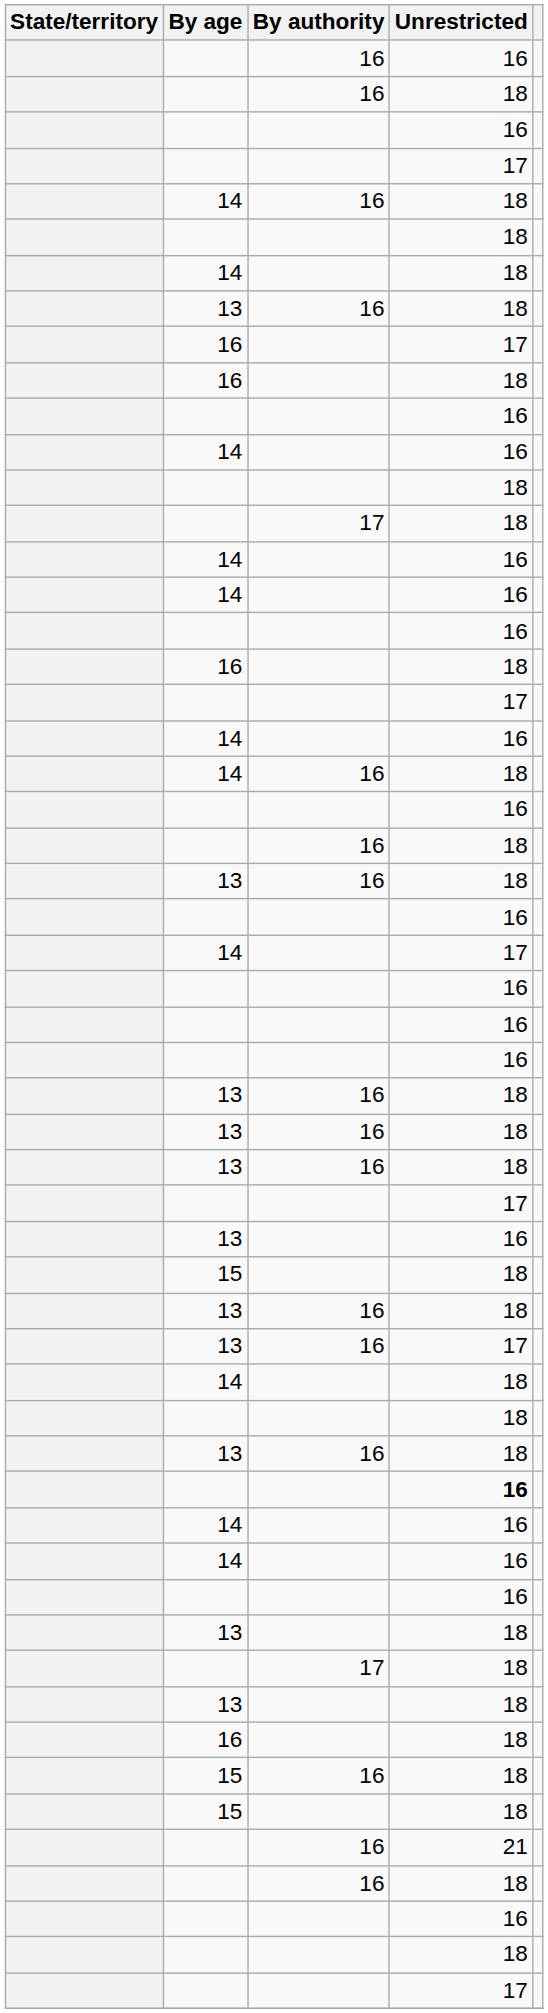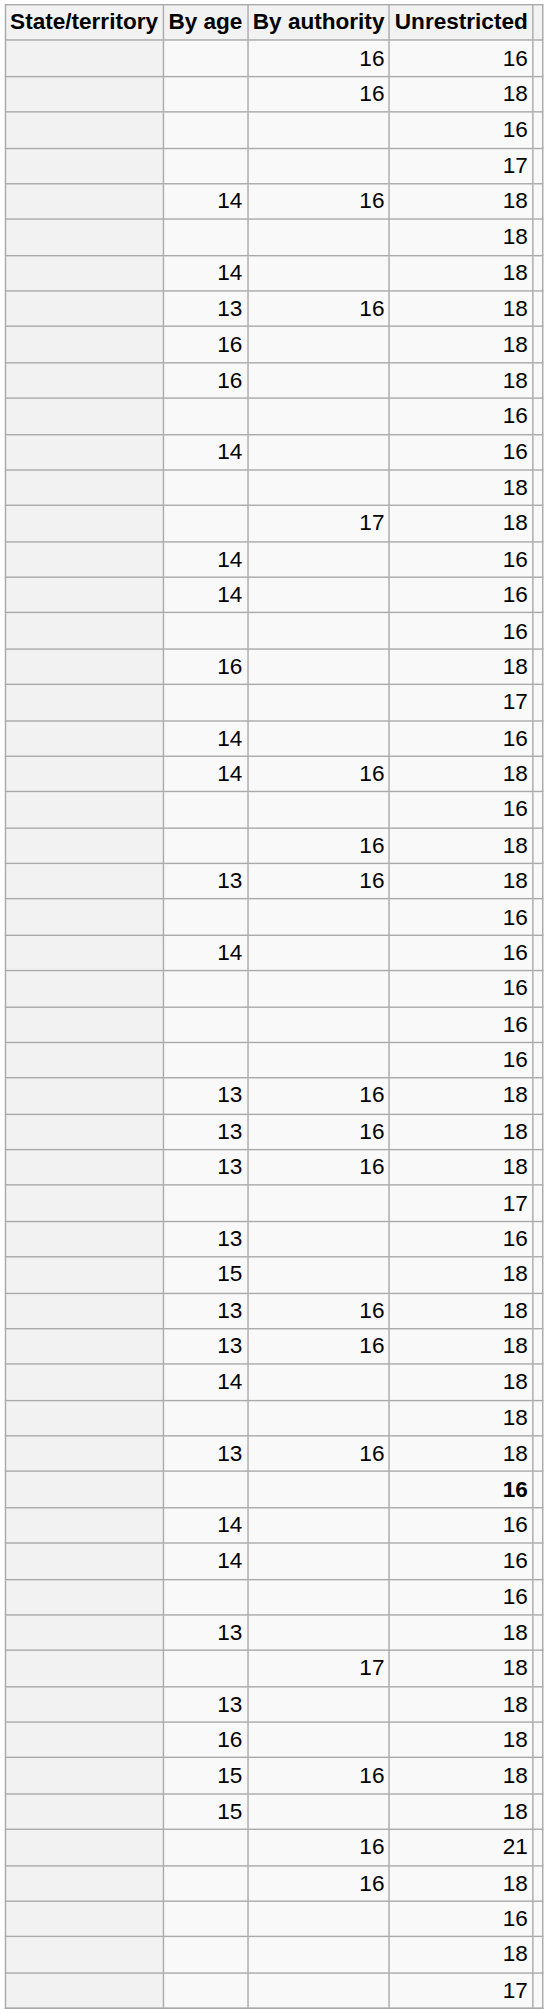 <table class="wikitable sortable plainrowheaders mw-datatable nowrap" style="margin-left: auto; margin-right: auto; text-align: right">
 <tr>
 <th scope="col">State/territory</th>
 <th scope="col" data-sort-type="number">By age</th>
 <th scope="col" data-sort-type="number">By authority</th>
 <th scope="col" data-sort-type="number">Unrestricted</th>
 <th scope="col"></th>
 </tr>
 <tr>
 <th scope="row"></th>
 <td></td>
 <td>16</td>
 <td>16</td>
 <td style="text-align: left;"></td>
 </tr>
 <tr>
 <th scope="row"></th>
 <td></td>
 <td>16</td>
 <td>18</td>
 <td style="text-align: left;"></td>
 </tr>
 <tr>
 <th scope="row"></th>
 <td></td>
 <td></td>
 <td>16</td>
 <td style="text-align: left;"></td>
 </tr>
 <tr>
 <th scope="row"></th>
 <td></td>
 <td></td>
 <td>17</td>
 <td style="text-align: left;"></td>
 </tr>
 <tr>
 <th scope="row"></th>
 <td>14</td>
 <td>16</td>
 <td>18</td>
 <td style="text-align: left;"></td>
 </tr>
 <tr>
 <th scope="row"></th>
 <td></td>
 <td></td>
 <td>18</td>
 <td style="text-align: left;"></td>
 </tr>
 <tr>
 <th scope="row"></th>
 <td>14</td>
 <td></td>
 <td>18</td>
 <td></td>
 </tr>
 <tr>
 <th scope="row"></th>
 <td>13</td>
 <td>16</td>
 <td>18</td>
 <td style="text-align: left;"></td>
 </tr>
 <tr>
 <th scope="row"></th>
 <td>16</td>
 <td></td>
-<td>17</td>
+<td>18</td>
 <td style="text-align: left;"></td>
 </tr>
 <tr>
 <th scope="row"></th>
 <td>16</td>
 <td></td>
 <td>18</td>
 <td style="text-align: left;"></td>
 </tr>
 <tr>
 <th scope="row"></th>
 <td></td>
 <td></td>
 <td>16</td>
 <td style="text-align: left;"></td>
 </tr>
 <tr>
 <th scope="row"></th>
 <td>14</td>
 <td></td>
 <td>16</td>
 <td style="text-align: left;"></td>
 </tr>
 <tr>
 <th scope="row"></th>
 <td></td>
 <td></td>
 <td>18</td>
 <td style="text-align: left;"></td>
 </tr>
 <tr>
 <th scope="row"></th>
 <td></td>
 <td>17</td>
 <td>18</td>
 <td style="text-align: left;"></td>
 </tr>
 <tr>
 <th scope="row"></th>
 <td>14</td>
 <td></td>
 <td>16</td>
 <td style="text-align: left;"></td>
 </tr>
 <tr>
 <th scope="row"></th>
 <td>14</td>
 <td></td>
 <td>16</td>
 <td></td>
 </tr>
 <tr>
 <th scope="row"></th>
 <td></td>
 <td></td>
 <td>16</td>
 <td style="text-align: left;"></td>
 </tr>
 <tr>
 <th scope="row"></th>
 <td>16</td>
 <td></td>
 <td>18</td>
 <td style="text-align: left;"></td>
 </tr>
 <tr>
 <th scope="row"></th>
 <td></td>
 <td></td>
 <td>17</td>
 <td style="text-align: left;"></td>
 </tr>
 <tr>
 <th scope="row"></th>
 <td>14</td>
 <td></td>
 <td>16</td>
 <td></td>
 </tr>
 <tr>
 <th scope="row"></th>
 <td>14</td>
 <td>16</td>
 <td>18</td>
 <td style="text-align: left;"></td>
 </tr>
 <tr>
 <th scope="row"></th>
 <td></td>
 <td></td>
 <td>16</td>
 <td style="text-align: left;"></td>
 </tr>
 <tr>
 <th scope="row"></th>
 <td></td>
 <td>16</td>
 <td>18</td>
 <td style="text-align: left;"></td>
 </tr>
 <tr>
 <th scope="row"></th>
 <td>13</td>
 <td>16</td>
 <td>18</td>
 <td style="text-align: left;"></td>
 </tr>
 <tr>
 <th scope="row"></th>
 <td></td>
 <td></td>
 <td>16</td>
 <td style="text-align: left;"></td>
 </tr>
 <tr>
 <th scope="row"></th>
 <td>14</td>
 <td></td>
-<td>17</td>
+<td>16</td>
 <td style="text-align: left;"></td>
 </tr>
 <tr>
 <th scope="row"></th>
 <td></td>
 <td></td>
 <td>16</td>
 <td style="text-align: left;"></td>
 </tr>
 <tr>
 <th scope="row"></th>
 <td></td>
 <td></td>
 <td>16</td>
 <td style="text-align: left;"></td>
 </tr>
 <tr>
 <th scope="row"></th>
 <td></td>
 <td></td>
 <td>16</td>
 <td style="text-align: left;"></td>
 </tr>
 <tr>
 <th scope="row"></th>
 <td>13</td>
 <td>16</td>
 <td>18</td>
 <td style="text-align: left;"></td>
 </tr>
 <tr>
 <th scope="row"></th>
 <td>13</td>
 <td>16</td>
 <td>18</td>
 <td style="text-align: left;"></td>
 </tr>
 <tr>
 <th scope="row"></th>
 <td>13</td>
 <td>16</td>
 <td>18</td>
 <td style="text-align: left;"></td>
 </tr>
 <tr>
 <th scope="row"></th>
 <td></td>
 <td></td>
 <td>17</td>
 <td style="text-align: left;"></td>
 </tr>
 <tr>
 <th scope="row"></th>
 <td>13</td>
 <td></td>
 <td>16</td>
 <td style="text-align: left;"></td>
 </tr>
 <tr>
 <th scope="row"></th>
 <td>15</td>
 <td></td>
 <td>18</td>
 <td></td>
 </tr>
 <tr>
 <th scope="row"></th>
 <td>13</td>
 <td>16</td>
 <td>18</td>
 <td style="text-align: left;"></td>
 </tr>
 <tr>
 <th scope="row"></th>
 <td>13</td>
 <td>16</td>
-<td>17</td>
+<td>18</td>
 <td style="text-align: left;"></td>
 </tr>
 <tr>
 <th scope="row"></th>
 <td>14</td>
 <td></td>
 <td>18</td>
 <td style="text-align: left;"></td>
 </tr>
 <tr>
 <th scope="row"></th>
 <td></td>
 <td></td>
 <td>18</td>
 <td style="text-align: left;"></td>
 </tr>
 <tr>
 <th scope="row"></th>
 <td>13</td>
 <td>16</td>
 <td>18</td>
 <td style="text-align: left;"></td>
 </tr>
 <tr>
 <th scope="row"></th>
 <td></td>
 <td></td>
 <td><strong>16</strong></td>
 <td style="text-align: left;"></td>
 </tr>
 <tr>
 <th scope="row"></th>
 <td>14</td>
 <td></td>
 <td>16</td>
 <td style="text-align: left;"></td>
 </tr>
 <tr>
 <th scope="row"></th>
 <td>14</td>
 <td></td>
 <td>16</td>
 <td></td>
 </tr>
 <tr>
 <th scope="row"></th>
 <td></td>
 <td></td>
 <td>16</td>
 <td style="text-align: left;"></td>
 </tr>
 <tr>
 <th scope="row"></th>
 <td>13</td>
 <td></td>
 <td>18</td>
 <td style="text-align: left;"></td>
 </tr>
 <tr>
 <th scope="row"></th>
 <td></td>
 <td>17</td>
 <td>18</td>
 <td style="text-align: left;"></td>
 </tr>
 <tr>
 <th scope="row"></th>
 <td>13</td>
 <td></td>
 <td>18</td>
 <td style="text-align: left;"></td>
 </tr>
 <tr>
 <th scope="row"></th>
 <td>16</td>
 <td></td>
 <td>18</td>
 <td style="text-align: left;"></td>
 </tr>
 <tr>
 <th scope="row"></th>
 <td>15</td>
 <td>16</td>
 <td>18</td>
 <td style="text-align: left;"></td>
 </tr>
 <tr>
 <th scope="row"></th>
 <td>15</td>
 <td></td>
 <td>18</td>
 <td style="text-align:left"></td>
 </tr>
 <tr>
 <th scope="row"></th>
 <td></td>
 <td>16</td>
 <td>21</td>
 <td style="text-align: left;"></td>
 </tr>
 <tr>
 <th scope="row"></th>
 <td></td>
 <td>16</td>
 <td>18</td>
 <td style="text-align: left;"></td>
 </tr>
 <tr>
 <th scope="row"></th>
 <td></td>
 <td></td>
 <td>16</td>
 <td style="text-align: left;"></td>
 </tr>
 <tr>
 <th scope="row"></th>
 <td></td>
 <td></td>
 <td>18</td>
 <td style="text-align: left;"></td>
 </tr>
 <tr>
 <th scope="row"></th>
 <td></td>
 <td></td>
 <td>17</td>
 <td></td>
 </tr>
 <tr>
 </tr>
 </table>
